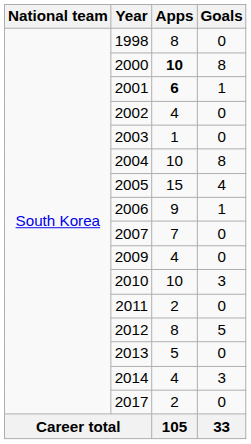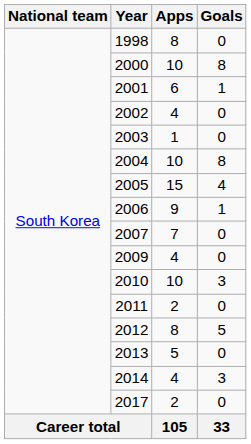 <table class="wikitable" style="text-align:center">
 <tr>
 <th>National team</th>
 <th>Year</th>
 <th>Apps</th>
 <th>Goals</th>
 </tr>
 <tr>
 <td rowspan="16"><a href='#'>South Korea</a></td>
 <td>1998</td>
 <td>8</td>
 <td>0</td>
 </tr>
 <tr>
 <td>2000</td>
-<td><strong>10</strong></td>
+<td>10</td>
 <td>8</td>
 </tr>
 <tr>
 <td>2001</td>
-<td><strong>6</strong></td>
+<td>6</td>
 <td>1</td>
 </tr>
 <tr>
 <td>2002</td>
 <td>4</td>
 <td>0</td>
 </tr>
 <tr>
 <td>2003</td>
 <td>1</td>
 <td>0</td>
 </tr>
 <tr>
 <td>2004</td>
 <td>10</td>
 <td>8</td>
 </tr>
 <tr>
 <td>2005</td>
 <td>15</td>
 <td>4</td>
 </tr>
 <tr>
 <td>2006</td>
 <td>9</td>
 <td>1</td>
 </tr>
 <tr>
 <td>2007</td>
 <td>7</td>
 <td>0</td>
 </tr>
 <tr>
 <td>2009</td>
 <td>4</td>
 <td>0</td>
 </tr>
 <tr>
 <td>2010</td>
 <td>10</td>
 <td>3</td>
 </tr>
 <tr>
 <td>2011</td>
 <td>2</td>
 <td>0</td>
 </tr>
 <tr>
 <td>2012</td>
 <td>8</td>
 <td>5</td>
 </tr>
 <tr>
 <td>2013</td>
 <td>5</td>
 <td>0</td>
 </tr>
 <tr>
 <td>2014</td>
 <td>4</td>
 <td>3</td>
 </tr>
 <tr>
 <td>2017</td>
 <td>2</td>
 <td>0</td>
 </tr>
 <tr>
 <th colspan="2">Career total</th>
 <th>105</th>
 <th>33</th>
 </tr>
 </table>
